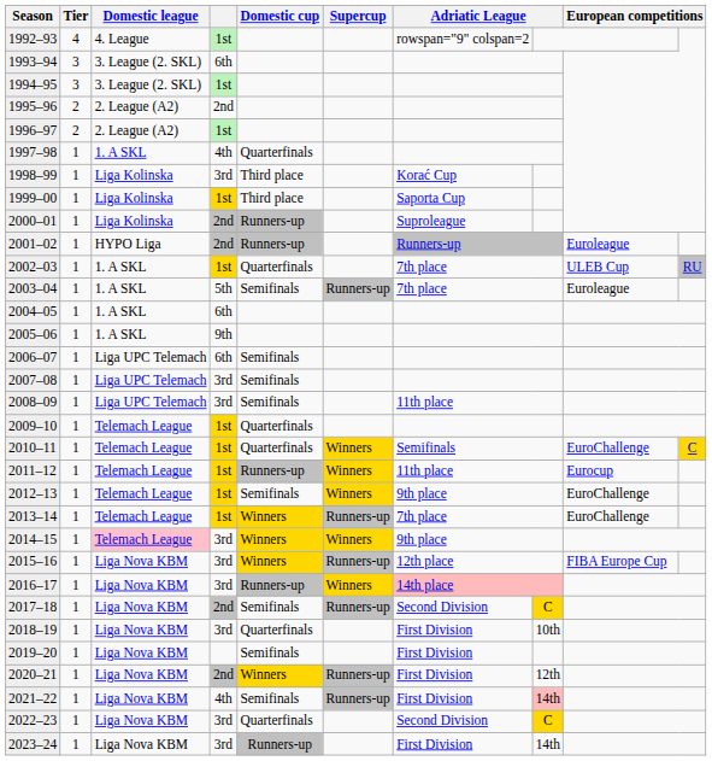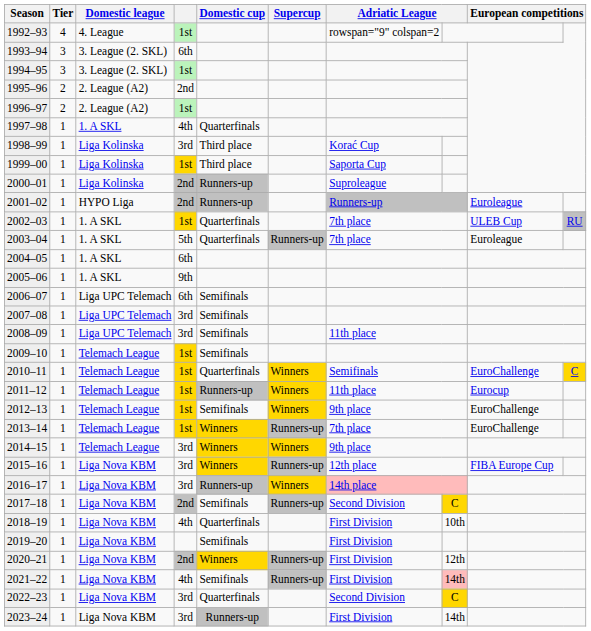 <table class="wikitable" style="font-size:85%">
 <tr>
 <th>Season</th>
 <th>Tier</th>
 <th><a href='#'>Domestic league</a></th>
 <th></th>
 <th><a href='#'>Domestic cup</a></th>
 <th><a href='#'>Supercup</a></th>
 <th colspan="2"><a href='#'>Adriatic League</a></th>
 <th colspan=2>European competitions</th>
 </tr>
 <tr>
 <td style="background:#EFEFEF;">1992–93</td>
 <td align="center">4</td>
 <td>4. League</td>
 <td align=center style="background:#BBF3BB">1st</td>
 <td></td>
 <td></td>
 <td>rowspan="9" colspan=2 </td>
 <td colspan="2"></td>
 </tr>
 <tr>
 <td style="background:#EFEFEF;">1993–94</td>
 <td align="center">3</td>
 <td>3. League (2. SKL)</td>
 <td align=center>6th</td>
 <td></td>
 <td></td>
 <td colspan="2"></td>
 </tr>
 <tr>
 <td style="background:#EFEFEF;">1994–95</td>
 <td align="center">3</td>
 <td>3. League (2. SKL)</td>
 <td align=center style="background:#BBF3BB">1st</td>
 <td></td>
 <td></td>
 <td colspan="2"></td>
 </tr>
 <tr>
 <td style="background:#EFEFEF;">1995–96</td>
 <td align="center">2</td>
 <td>2. League (A2)</td>
 <td align="center">2nd</td>
 <td></td>
 <td></td>
 <td colspan="2"></td>
 </tr>
 <tr>
 <td style="background:#EFEFEF;">1996–97</td>
 <td align="center">2</td>
 <td>2. League (A2)</td>
 <td align=center style="background:#BBF3BB">1st</td>
 <td></td>
 <td></td>
 <td colspan="2"></td>
 </tr>
 <tr>
 <td style="background:#EFEFEF;">1997–98</td>
 <td align="center">1</td>
 <td><a href='#'>1. A SKL</a></td>
 <td align=center>4th</td>
 <td>Quarterfinals</td>
 <td></td>
 <td colspan="2"></td>
 </tr>
 <tr>
 <td style="background:#EFEFEF;">1998–99</td>
 <td align="center">1</td>
 <td><a href='#'>Liga Kolinska</a></td>
 <td align="center">3rd</td>
 <td>Third place</td>
 <td></td>
 <td> <a href='#'>Korać Cup</a></td>
 <td align="center"></td>
 </tr>
 <tr>
 <td style="background:#EFEFEF;">1999–00</td>
 <td align="center">1</td>
 <td><a href='#'>Liga Kolinska</a></td>
 <td align=center style="background:gold">1st</td>
 <td>Third place</td>
 <td></td>
 <td> <a href='#'>Saporta Cup</a></td>
 <td align="center"></td>
 </tr>
 <tr>
 <td style="background:#EFEFEF;">2000–01</td>
 <td align="center">1</td>
 <td><a href='#'>Liga Kolinska</a></td>
 <td align=center style="background:silver;">2nd</td>
 <td style="background:silver;">Runners-up</td>
 <td></td>
 <td> <a href='#'>Suproleague</a></td>
 <td align="center"></td>
 </tr>
 <tr>
 <td style="background:#EFEFEF;">2001–02</td>
 <td align="center">1</td>
 <td>HYPO Liga</td>
 <td align=center style="background:silver;">2nd</td>
 <td style="background:silver;">Runners-up</td>
 <td></td>
 <td colspan="2" style="background:silver;"><a href='#'>Runners-up</a></td>
 <td> <a href='#'>Euroleague</a></td>
 <td align="center"></td>
 </tr>
 <tr>
 <td style="background:#EFEFEF;">2002–03</td>
 <td align="center">1</td>
 <td>1. A SKL</td>
 <td align=center style="background:gold">1st</td>
 <td>Quarterfinals</td>
 <td></td>
 <td colspan="2"><a href='#'>7th place</a></td>
 <td> <a href='#'>ULEB Cup</a></td>
 <td align=center style="background:silver;"><a href='#'>RU</a></td>
 </tr>
 <tr>
 <td style="background:#EFEFEF;">2003–04</td>
 <td align="center">1</td>
 <td>1. A SKL</td>
 <td align="center">5th</td>
-<td>Semifinals</td>
+<td>Quarterfinals</td>
 <td style="background:silver;">Runners-up</td>
 <td colspan="2"><a href='#'>7th place</a></td>
 <td> Euroleague</td>
 <td align="center"></td>
 </tr>
 <tr>
 <td style="background:#EFEFEF;">2004–05</td>
 <td align="center">1</td>
 <td>1. A SKL</td>
 <td align="center">6th</td>
 <td></td>
 <td></td>
 <td colspan="2"></td>
 <td colspan="2"></td>
 </tr>
 <tr>
 <td style="background:#EFEFEF;">2005–06</td>
 <td align="center">1</td>
 <td>1. A SKL</td>
 <td align="center">9th</td>
 <td></td>
 <td></td>
 <td colspan="2"></td>
 <td colspan="2"></td>
 </tr>
 <tr>
 <td style="background:#EFEFEF;">2006–07</td>
 <td align="center">1</td>
 <td>Liga UPC Telemach</td>
 <td align="center">6th</td>
 <td>Semifinals</td>
 <td></td>
 <td colspan="2"></td>
 <td colspan="2"></td>
 </tr>
 <tr>
 <td style="background:#EFEFEF;">2007–08</td>
 <td align="center">1</td>
 <td><a href='#'>Liga UPC Telemach</a></td>
 <td align="center">3rd</td>
 <td>Semifinals</td>
 <td></td>
 <td colspan="2"></td>
 <td colspan="2"></td>
 </tr>
 <tr>
 <td style="background:#EFEFEF;">2008–09</td>
 <td align="center">1</td>
 <td><a href='#'>Liga UPC Telemach</a></td>
 <td align="center">3rd</td>
 <td>Semifinals</td>
 <td></td>
 <td colspan="2"><a href='#'>11th place</a></td>
 <td colspan="2"></td>
 </tr>
 <tr>
 <td style="background:#EFEFEF;">2009–10</td>
 <td align="center">1</td>
 <td><a href='#'>Telemach League</a></td>
 <td align=center style="background:gold">1st</td>
-<td>Quarterfinals</td>
+<td>Semifinals</td>
 <td></td>
 <td colspan="2"></td>
 <td colspan="2"></td>
 </tr>
 <tr>
 <td style="background:#EFEFEF;">2010–11</td>
 <td align="center">1</td>
 <td><a href='#'>Telemach League</a></td>
 <td align=center style="background:gold">1st</td>
 <td>Quarterfinals</td>
 <td style="background:gold">Winners</td>
 <td colspan="2"><a href='#'>Semifinals</a></td>
 <td> <a href='#'>EuroChallenge</a></td>
 <td align=center style="background:gold"><a href='#'>C</a></td>
 </tr>
 <tr>
 <td style="background:#EFEFEF;">2011–12</td>
 <td align="center">1</td>
 <td><a href='#'>Telemach League</a></td>
 <td align=center style="background:gold">1st</td>
 <td style="background:silver">Runners-up</td>
 <td style="background:gold">Winners</td>
 <td colspan="2"><a href='#'>11th place</a></td>
 <td> <a href='#'>Eurocup</a></td>
 <td align="center"></td>
 </tr>
 <tr>
 <td style="background:#EFEFEF;">2012–13</td>
 <td align="center">1</td>
 <td><a href='#'>Telemach League</a></td>
 <td align=center style="background:gold">1st</td>
 <td>Semifinals</td>
 <td style="background:gold">Winners</td>
 <td colspan="2"><a href='#'>9th place</a></td>
 <td> EuroChallenge</td>
 <td align="center"></td>
 </tr>
 <tr>
 <td style="background:#EFEFEF;">2013–14</td>
 <td align="center">1</td>
 <td><a href='#'>Telemach League</a></td>
 <td align=center style="background:gold">1st</td>
 <td style="background:gold">Winners</td>
 <td style="background:silver;">Runners-up</td>
 <td colspan="2"><a href='#'>7th place</a></td>
 <td> EuroChallenge</td>
 <td align="center"></td>
 </tr>
 <tr>
 <td style="background:#EFEFEF;">2014–15</td>
 <td align="center">1</td>
-<td style="background: pink;"><a href='#'>Telemach League</a></td>
+<td><a href='#'>Telemach League</a></td>
 <td align="center">3rd</td>
 <td style="background:gold">Winners</td>
 <td style="background:gold">Winners</td>
 <td colspan="2"><a href='#'>9th place</a></td>
 <td colspan="2"></td>
 </tr>
 <tr>
 <td style="background:#EFEFEF;">2015–16</td>
 <td align="center">1</td>
 <td><a href='#'>Liga Nova KBM</a></td>
 <td align="center">3rd</td>
 <td style="background:gold">Winners</td>
 <td style="background:silver;">Runners-up</td>
 <td colspan="2"><a href='#'>12th place</a></td>
 <td> <a href='#'>FIBA Europe Cup</a></td>
 <td align="center"></td>
 </tr>
 <tr>
 <td style="background:#EFEFEF;">2016–17</td>
 <td align="center">1</td>
 <td><a href='#'>Liga Nova KBM</a></td>
 <td align="center">3rd</td>
 <td style="background:silver">Runners-up</td>
 <td style="background:gold">Winners</td>
 <td colspan="2" bgcolor="#FFBBBB"><a href='#'>14th place</a></td>
 <td colspan="2"></td>
 </tr>
 <tr>
 <td style="background:#EFEFEF;">2017–18</td>
 <td align="center">1</td>
 <td><a href='#'>Liga Nova KBM</a></td>
 <td align=center style="background:silver;">2nd</td>
 <td>Semifinals</td>
 <td style="background:silver;">Runners-up</td>
 <td><a href='#'>Second Division</a></td>
 <td align=center style="background:gold">C</td>
 <td colspan="2"></td>
 </tr>
 <tr>
 <td style="background:#EFEFEF;">2018–19</td>
 <td align="center">1</td>
 <td><a href='#'>Liga Nova KBM</a></td>
-<td align="center">3rd</td>
+<td align="center">4th</td>
 <td>Quarterfinals</td>
 <td></td>
 <td><a href='#'>First Division</a></td>
 <td>10th</td>
 <td colspan="2"></td>
 </tr>
 <tr>
 <td style="background:#EFEFEF;">2019–20</td>
 <td align="center">1</td>
 <td><a href='#'>Liga Nova KBM</a></td>
 <td align="center"></td>
 <td>Semifinals</td>
 <td></td>
 <td><a href='#'>First Division</a></td>
 <td></td>
 <td colspan="2"></td>
 </tr>
 <tr>
 <td style="background:#EFEFEF;">2020–21</td>
 <td align="center">1</td>
 <td><a href='#'>Liga Nova KBM</a></td>
 <td align=center style="background:silver;">2nd</td>
 <td style="background:gold">Winners</td>
 <td align=center style="background:silver;">Runners-up</td>
 <td><a href='#'>First Division</a></td>
 <td>12th</td>
 <td colspan="2"></td>
 </tr>
 <tr>
 <td style="background:#EFEFEF;">2021–22</td>
 <td align="center">1</td>
 <td><a href='#'>Liga Nova KBM</a></td>
 <td align="center">4th</td>
 <td>Semifinals</td>
 <td align=center style="background:silver;">Runners-up</td>
 <td><a href='#'>First Division</a></td>
 <td bgcolor="#FFBBBB">14th</td>
 <td colspan="2"></td>
 </tr>
 <tr>
 <td style="background:#EFEFEF;">2022–23</td>
 <td align="center">1</td>
 <td><a href='#'>Liga Nova KBM</a></td>
 <td align="center">3rd</td>
 <td>Quarterfinals</td>
 <td></td>
 <td><a href='#'>Second Division</a></td>
 <td align=center style="background:gold">C</td>
 <td colspan="2"></td>
 </tr>
 <tr>
 <td style="background:#EFEFEF;">2023–24</td>
 <td align="center">1</td>
 <td>Liga Nova KBM</td>
 <td align="center">3rd</td>
 <td align=center style="background:silver;">Runners-up</td>
 <td></td>
 <td><a href='#'>First Division</a></td>
 <td>14th</td>
 <td colspan="2"></td>
 </tr>
 </table>
